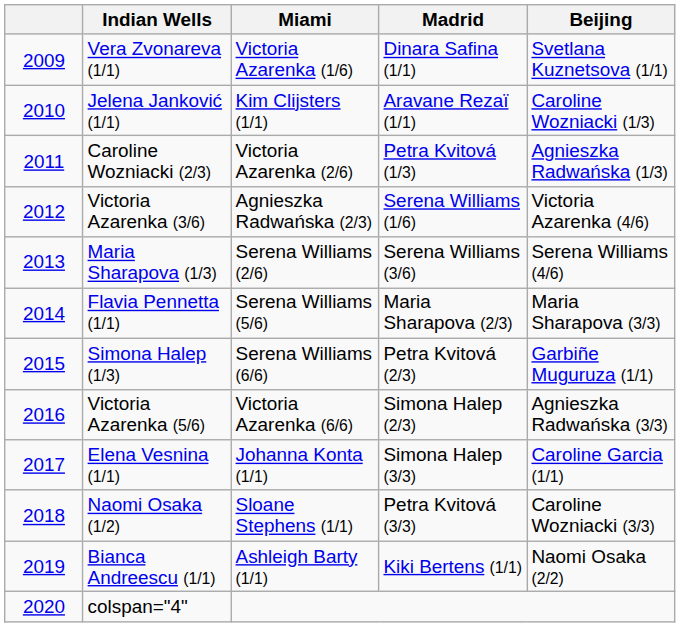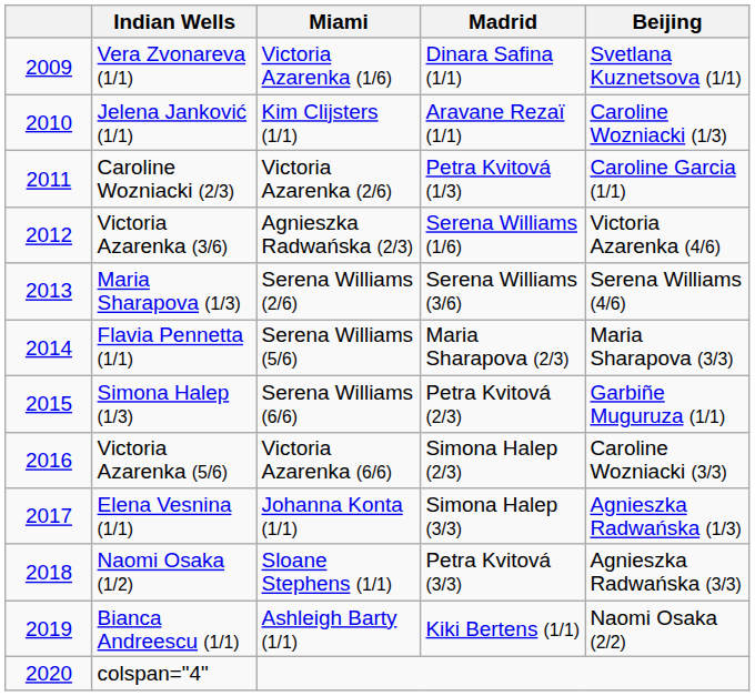 <table class="wikitable nowrap" style="font-size: 85%; border: #aaa solid 1px; border-collapse: collapse;">
 <tr bgcolor="#ececec">
 <th width=50></th>
 <th width=100>Indian Wells</th>
 <th width=100>Miami</th>
 <th width=100>Madrid</th>
 <th width=100>Beijing</th>
 </tr>
 <tr>
 <td style="text-align:center;"><a href='#'>2009</a></td>
 <td> <a href='#'>Vera Zvonareva</a> <small>(1/1)</small></td>
 <td> <a href='#'>Victoria Azarenka</a> <small>(1/6)</small></td>
 <td> <a href='#'>Dinara Safina</a> <small>(1/1)</small></td>
 <td> <a href='#'>Svetlana Kuznetsova</a> <small>(1/1)</small></td>
 </tr>
 <tr>
 <td style="text-align:center;"><a href='#'>2010</a></td>
 <td> <a href='#'>Jelena Janković</a> <small>(1/1)</small></td>
 <td> <a href='#'>Kim Clijsters</a> <small>(1/1)</small></td>
 <td> <a href='#'>Aravane Rezaï</a> <small>(1/1)</small></td>
 <td> <a href='#'>Caroline Wozniacki</a> <small>(1/3)</small></td>
 </tr>
 <tr>
 <td style="text-align:center;"><a href='#'>2011</a></td>
 <td> Caroline Wozniacki <small>(2/3)</small></td>
 <td> Victoria Azarenka <small>(2/6)</small></td>
 <td> <a href='#'>Petra Kvitová</a> <small>(1/3)</small></td>
-<td> <a href='#'>Agnieszka Radwańska</a> <small>(1/3)</small></td>
+<td> <a href='#'>Caroline Garcia</a> <small>(1/1)</small></td>
 </tr>
 <tr>
 <td style="text-align:center;"><a href='#'>2012</a></td>
 <td> Victoria Azarenka <small>(3/6)</small></td>
 <td> Agnieszka Radwańska <small>(2/3)</small></td>
 <td> <a href='#'>Serena Williams</a> <small>(1/6)</small></td>
 <td> Victoria Azarenka <small>(4/6)</small></td>
 </tr>
 <tr>
 <td style="text-align:center;"><a href='#'>2013</a></td>
 <td> <a href='#'>Maria Sharapova</a> <small>(1/3)</small></td>
 <td> Serena Williams <small>(2/6)</small></td>
 <td> Serena Williams <small>(3/6)</small></td>
 <td> Serena Williams <small>(4/6)</small></td>
 </tr>
 <tr>
 <td style="text-align:center;"><a href='#'>2014</a></td>
 <td> <a href='#'>Flavia Pennetta</a> <small>(1/1)</small></td>
 <td> Serena Williams <small>(5/6)</small></td>
 <td> Maria Sharapova <small>(2/3)</small></td>
 <td> Maria Sharapova <small>(3/3)</small></td>
 </tr>
 <tr>
 <td style="text-align:center;"><a href='#'>2015</a></td>
 <td> <a href='#'>Simona Halep</a> <small>(1/3)</small></td>
 <td> Serena Williams <small>(6/6)</small></td>
 <td> Petra Kvitová <small>(2/3)</small></td>
 <td> <a href='#'>Garbiñe Muguruza</a> <small>(1/1)</small></td>
 </tr>
 <tr>
 <td style="text-align:center;"><a href='#'>2016</a></td>
 <td> Victoria Azarenka <small>(5/6)</small></td>
 <td> Victoria Azarenka <small>(6/6)</small></td>
 <td> Simona Halep <small>(2/3)</small></td>
-<td> Agnieszka Radwańska <small>(3/3)</small></td>
+<td> Caroline Wozniacki <small>(3/3)</small></td>
 </tr>
 <tr>
 <td style="text-align:center;"><a href='#'>2017</a></td>
 <td> <a href='#'>Elena Vesnina</a> <small>(1/1)</small></td>
 <td> <a href='#'>Johanna Konta</a> <small>(1/1)</small></td>
 <td> Simona Halep <small>(3/3)</small></td>
-<td> <a href='#'>Caroline Garcia</a> <small>(1/1)</small></td>
+<td> <a href='#'>Agnieszka Radwańska</a> <small>(1/3)</small></td>
 </tr>
 <tr>
 <td style="text-align:center;"><a href='#'>2018</a></td>
 <td> <a href='#'>Naomi Osaka</a> <small>(1/2)</small></td>
 <td> <a href='#'>Sloane Stephens</a> <small>(1/1)</small></td>
 <td> Petra Kvitová <small>(3/3)</small></td>
-<td> Caroline Wozniacki <small>(3/3)</small></td>
+<td> Agnieszka Radwańska <small>(3/3)</small></td>
 </tr>
 <tr>
 <td style="text-align:center;"><a href='#'>2019</a></td>
 <td> <a href='#'>Bianca Andreescu</a> <small>(1/1)</small></td>
 <td> <a href='#'>Ashleigh Barty</a> <small>(1/1)</small></td>
 <td> <a href='#'>Kiki Bertens</a> <small>(1/1)</small></td>
 <td> Naomi Osaka <small>(2/2)</small></td>
 </tr>
 <tr>
 <td style="text-align:center;"><a href='#'>2020</a></td>
 <td>colspan="4" </td>
 </tr>
 </table>
